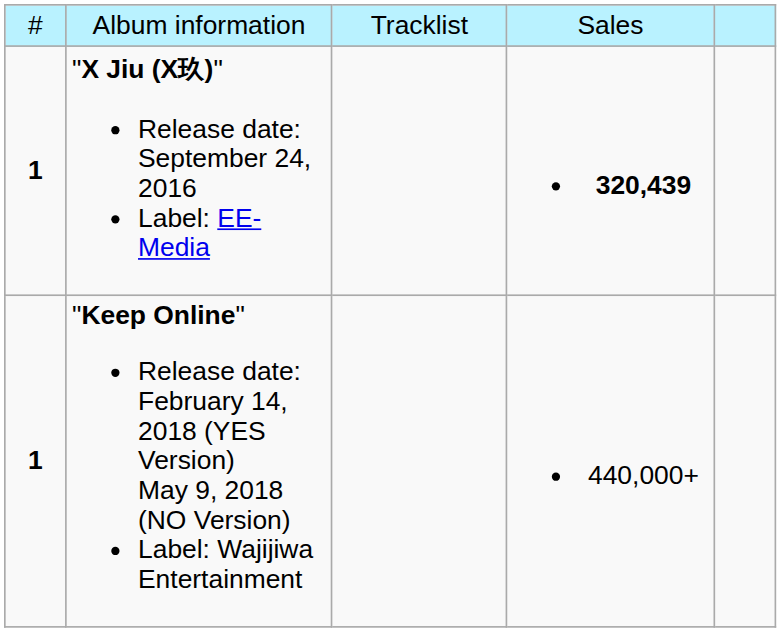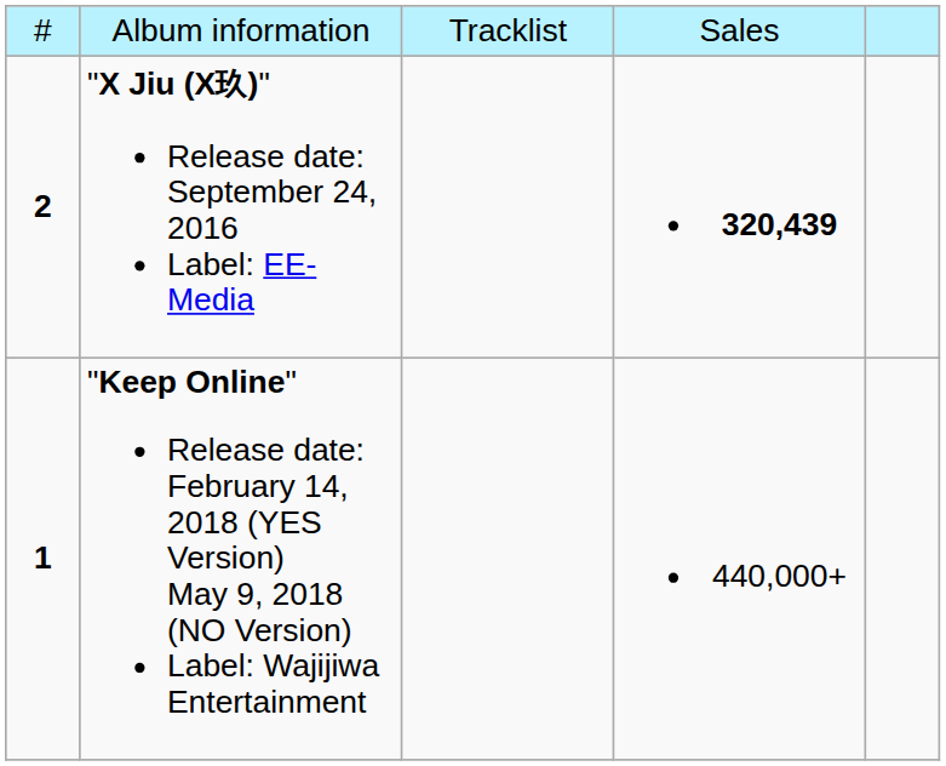 <table class="wikitable" width="75%">
 <tr style="background:#B9F2FF; color:black" align=center>
 <td style="width:7%">#</td>
 <td style="width:23%">Album information</td>
 <td style="width:20%">Tracklist</td>
 <td style="width:18%">Sales</td>
 <td style="width:7%"></td>
 </tr>
 <tr align="center">
-<td align="center"><strong>1</strong></td>
+<td align="center"><strong>2</strong></td>
 <td align="left">"<strong>X Jiu (X玖)</strong>"<br><ul><li>Release date: September 24, 2016</li><li>Label: <a href='#'>EE-Media</a></li></ul></td>
 <td></td>
 <td><strong><br><ul><li>320,439</li></ul></strong></td>
 <td></td>
 </tr>
 <tr align="center">
 <td align="center"><strong>1</strong></td>
 <td align="left">"<strong>Keep Online</strong>"<br><ul><li>Release date: February 14, 2018 (YES Version) <br>May 9, 2018 (NO Version)</li><li>Label: Wajijiwa Entertainment</li></ul></td>
 <td></td>
 <td><br><ul><li>440,000+</li></ul></td>
 <td></td>
 </tr>
 </table>
